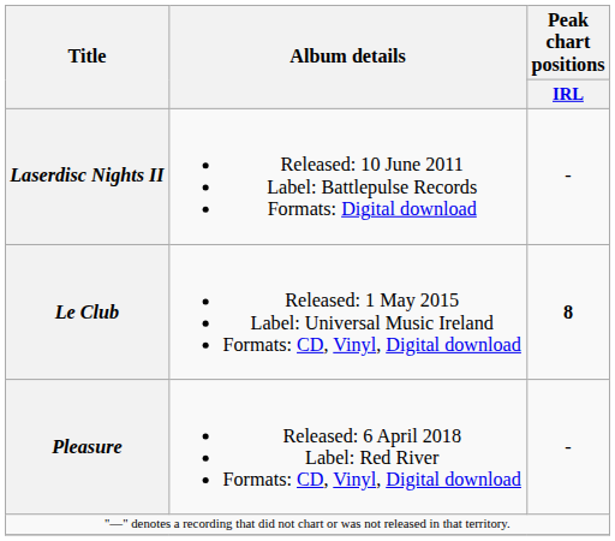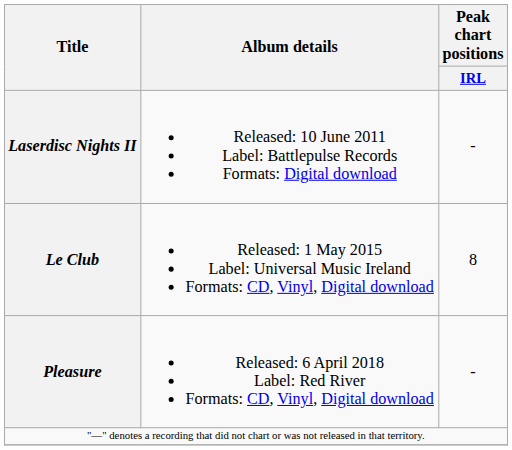 <table class="wikitable plainrowheaders" style="text-align:center;">
 <tr>
 <th scope="col" rowspan="2">Title</th>
 <th scope="col" rowspan="2" style="width:18em;">Album details</th>
 <th scope="col" colspan="1">Peak chart positions</th>
 </tr>
 <tr>
 <th scope="col" style="width:2.5em;font-size:90%;"><a href='#'>IRL</a><br></th>
 </tr>
 <tr>
 <th scope="row"><strong><em>Laserdisc Nights II</em></strong></th>
 <td><br><ul><li>Released: 10 June 2011</li><li>Label: Battlepulse Records</li><li>Formats: <a href='#'>Digital download</a></li></ul></td>
 <td>-</td>
 </tr>
 <tr>
 <th scope="row"><strong><em>Le Club</em></strong></th>
 <td><br><ul><li>Released: 1 May 2015</li><li>Label: Universal Music Ireland</li><li>Formats: <a href='#'>CD</a>, <a href='#'>Vinyl</a>, <a href='#'>Digital download</a></li></ul></td>
-<td><strong>8</strong></td>
+<td>8</td>
 </tr>
 <tr>
 <th scope="row"><strong><em>Pleasure</em></strong></th>
 <td><br><ul><li>Released: 6 April 2018</li><li>Label: Red River</li><li>Formats: <a href='#'>CD</a>, <a href='#'>Vinyl</a>, <a href='#'>Digital download</a></li></ul></td>
 <td>-</td>
 </tr>
 <tr>
 <td align="center" colspan="12" style="font-size: 8pt">"—" denotes a recording that did not chart or was not released in that territory.</td>
 </tr>
 <tr>
 </tr>
 </table>
